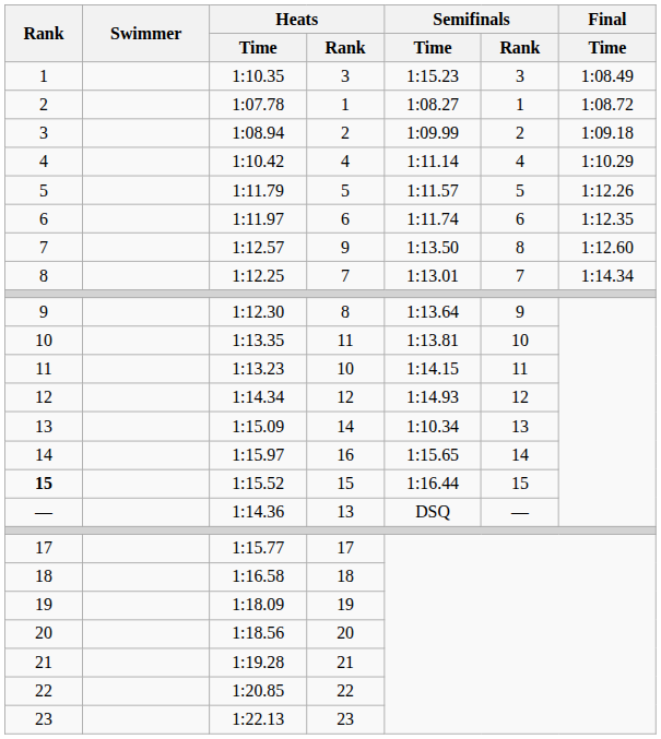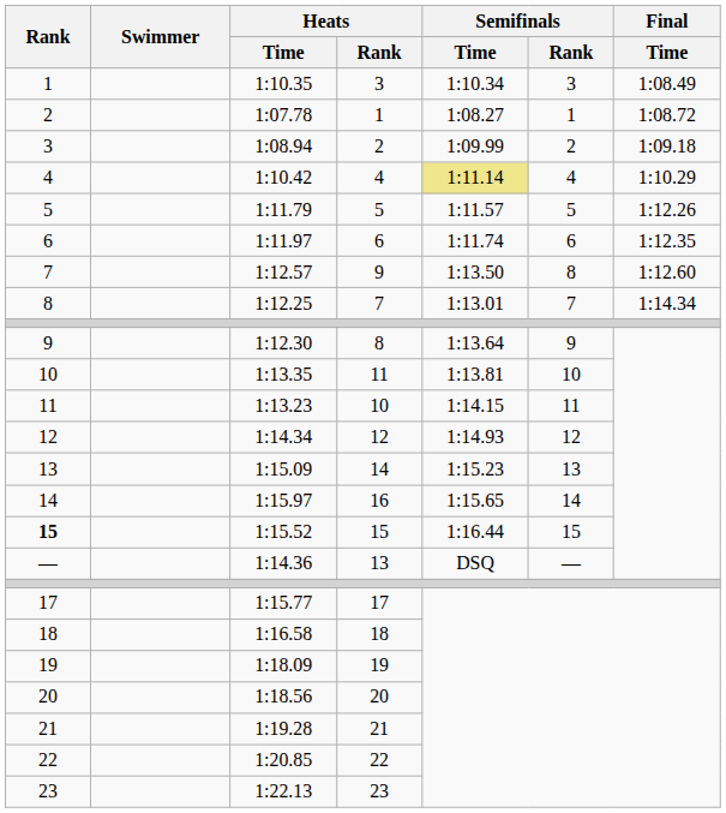 <table class="wikitable" style=" text-align:center; font-size:110%;" width="75%">
 <tr>
 <th rowspan="2">Rank</th>
 <th rowspan="2">Swimmer</th>
 <th colspan="2">Heats</th>
 <th colspan="2">Semifinals</th>
 <th>Final</th>
 </tr>
 <tr>
 <th>Time</th>
 <th>Rank</th>
 <th>Time</th>
 <th>Rank</th>
 <th>Time</th>
 </tr>
 <tr>
 <td>1</td>
 <td align=left></td>
 <td>1:10.35</td>
 <td>3</td>
-<td>1:15.23</td>
+<td>1:10.34</td>
 <td>3</td>
 <td>1:08.49</td>
 </tr>
 <tr>
 <td>2</td>
 <td align=left></td>
 <td>1:07.78</td>
 <td>1</td>
 <td>1:08.27</td>
 <td>1</td>
 <td>1:08.72</td>
 </tr>
 <tr>
 <td>3</td>
 <td align=left></td>
 <td>1:08.94</td>
 <td>2</td>
 <td>1:09.99</td>
 <td>2</td>
 <td>1:09.18</td>
 </tr>
 <tr>
 <td>4</td>
 <td align=left></td>
 <td>1:10.42</td>
 <td>4</td>
-<td>1:11.14</td>
+<td style="background: khaki;">1:11.14</td>
 <td>4</td>
 <td>1:10.29</td>
 </tr>
 <tr>
 <td>5</td>
 <td align=left></td>
 <td>1:11.79</td>
 <td>5</td>
 <td>1:11.57</td>
 <td>5</td>
 <td>1:12.26</td>
 </tr>
 <tr>
 <td>6</td>
 <td align=left></td>
 <td>1:11.97</td>
 <td>6</td>
 <td>1:11.74</td>
 <td>6</td>
 <td>1:12.35</td>
 </tr>
 <tr>
 <td>7</td>
 <td align=left></td>
 <td>1:12.57</td>
 <td>9</td>
 <td>1:13.50</td>
 <td>8</td>
 <td>1:12.60</td>
 </tr>
 <tr>
 <td>8</td>
 <td align=left></td>
 <td>1:12.25</td>
 <td>7</td>
 <td>1:13.01</td>
 <td>7</td>
 <td>1:14.34</td>
 </tr>
 <tr>
 <td colspan=7 bgcolor=lightgray></td>
 </tr>
 <tr>
 <td>9</td>
 <td align=left></td>
 <td>1:12.30</td>
 <td>8</td>
 <td>1:13.64</td>
 <td>9</td>
 </tr>
 <tr>
 <td>10</td>
 <td align=left></td>
 <td>1:13.35</td>
 <td>11</td>
 <td>1:13.81</td>
 <td>10</td>
 </tr>
 <tr>
 <td>11</td>
 <td align=left></td>
 <td>1:13.23</td>
 <td>10</td>
 <td>1:14.15</td>
 <td>11</td>
 </tr>
 <tr>
 <td>12</td>
 <td align=left></td>
 <td>1:14.34</td>
 <td>12</td>
 <td>1:14.93</td>
 <td>12</td>
 </tr>
 <tr>
 <td>13</td>
 <td align=left></td>
 <td>1:15.09</td>
 <td>14</td>
-<td>1:10.34</td>
+<td>1:15.23</td>
 <td>13</td>
 </tr>
 <tr>
 <td>14</td>
 <td align=left></td>
 <td>1:15.97</td>
 <td>16</td>
 <td>1:15.65</td>
 <td>14</td>
 </tr>
 <tr>
 <td><strong>15</strong></td>
 <td align=left></td>
 <td>1:15.52</td>
 <td>15</td>
 <td>1:16.44</td>
 <td>15</td>
 </tr>
 <tr>
 <td>—</td>
 <td align=left></td>
 <td>1:14.36</td>
 <td>13</td>
 <td>DSQ</td>
 <td>—</td>
 </tr>
 <tr>
 <td colspan=7 bgcolor=lightgray></td>
 </tr>
 <tr>
 <td>17</td>
 <td align=left></td>
 <td>1:15.77</td>
 <td>17</td>
 </tr>
 <tr>
 <td>18</td>
 <td align=left></td>
 <td>1:16.58</td>
 <td>18</td>
 </tr>
 <tr>
 <td>19</td>
 <td align=left></td>
 <td>1:18.09</td>
 <td>19</td>
 </tr>
 <tr>
 <td>20</td>
 <td align=left></td>
 <td>1:18.56</td>
 <td>20</td>
 </tr>
 <tr>
 <td>21</td>
 <td align=left></td>
 <td>1:19.28</td>
 <td>21</td>
 </tr>
 <tr>
 <td>22</td>
 <td align=left></td>
 <td>1:20.85</td>
 <td>22</td>
 </tr>
 <tr>
 <td>23</td>
 <td align=left></td>
 <td>1:22.13</td>
 <td>23</td>
 </tr>
 </table>
